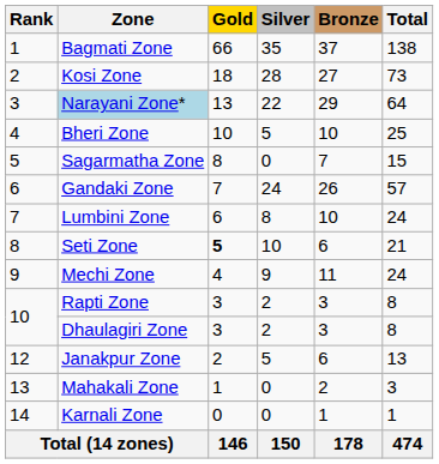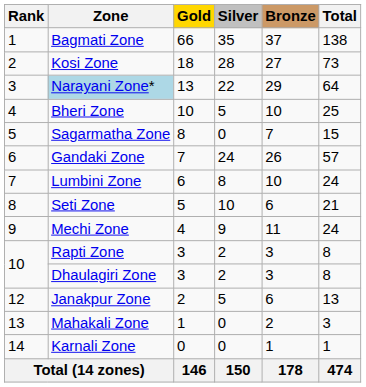 <table class="wikitable sortable">
 <tr>
 <th>Rank</th>
 <th>Zone</th>
 <th style="background:gold">Gold</th>
 <th style="background:silver">Silver</th>
 <th style="background:#cc9966">Bronze</th>
 <th>Total</th>
 </tr>
 <tr>
 <td>1</td>
 <td><a href='#'>Bagmati Zone</a></td>
 <td>66</td>
 <td>35</td>
 <td>37</td>
 <td>138</td>
 </tr>
 <tr>
 <td>2</td>
 <td><a href='#'>Kosi Zone</a></td>
 <td>18</td>
 <td>28</td>
 <td>27</td>
 <td>73</td>
 </tr>
 <tr>
 <td>3</td>
 <td style="background:lightblue"><a href='#'>Narayani Zone</a>*</td>
 <td>13</td>
 <td>22</td>
 <td>29</td>
 <td>64</td>
 </tr>
 <tr>
 <td>4</td>
 <td><a href='#'>Bheri Zone</a></td>
 <td>10</td>
 <td>5</td>
 <td>10</td>
 <td>25</td>
 </tr>
 <tr>
 <td>5</td>
 <td><a href='#'>Sagarmatha Zone</a></td>
 <td>8</td>
 <td>0</td>
 <td>7</td>
 <td>15</td>
 </tr>
 <tr>
 <td>6</td>
 <td><a href='#'>Gandaki Zone</a></td>
 <td>7</td>
 <td>24</td>
 <td>26</td>
 <td>57</td>
 </tr>
 <tr>
 <td>7</td>
 <td><a href='#'>Lumbini Zone</a></td>
 <td>6</td>
 <td>8</td>
 <td>10</td>
 <td>24</td>
 </tr>
 <tr>
 <td>8</td>
 <td><a href='#'>Seti Zone</a></td>
-<td><strong>5</strong></td>
+<td>5</td>
 <td>10</td>
 <td>6</td>
 <td>21</td>
 </tr>
 <tr>
 <td>9</td>
 <td><a href='#'>Mechi Zone</a></td>
 <td>4</td>
 <td>9</td>
 <td>11</td>
 <td>24</td>
 </tr>
 <tr>
 <td rowspan="2">10</td>
 <td><a href='#'>Rapti Zone</a></td>
 <td>3</td>
 <td>2</td>
 <td>3</td>
 <td>8</td>
 </tr>
 <tr>
 <td><a href='#'>Dhaulagiri Zone</a></td>
 <td>3</td>
 <td>2</td>
 <td>3</td>
 <td>8</td>
 </tr>
 <tr>
 <td>12</td>
 <td><a href='#'>Janakpur Zone</a></td>
 <td>2</td>
 <td>5</td>
 <td>6</td>
 <td>13</td>
 </tr>
 <tr>
 <td>13</td>
 <td><a href='#'>Mahakali Zone</a></td>
 <td>1</td>
 <td>0</td>
 <td>2</td>
 <td>3</td>
 </tr>
 <tr>
 <td>14</td>
 <td><a href='#'>Karnali Zone</a></td>
 <td>0</td>
 <td>0</td>
 <td>1</td>
 <td>1</td>
 </tr>
 <tr>
 <th colspan="2">Total (14 zones)</th>
 <th>146</th>
 <th>150</th>
 <th>178</th>
 <th>474</th>
 </tr>
 </table>
